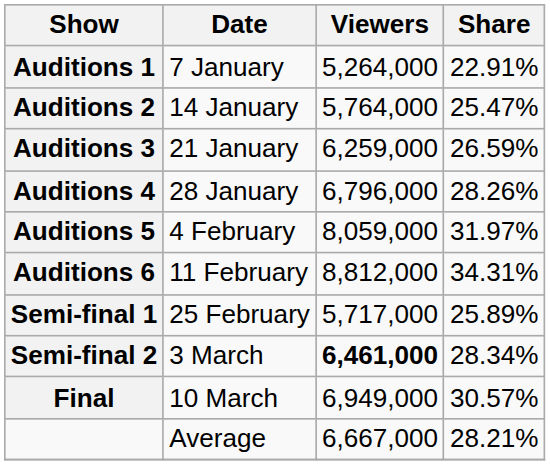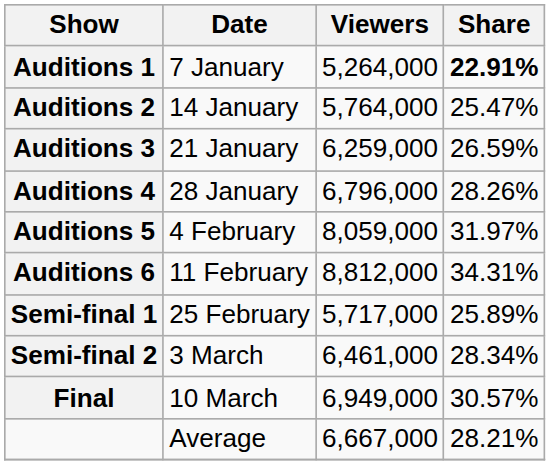 <table class="wikitable">
 <tr>
 <th>Show</th>
 <th>Date</th>
 <th>Viewers</th>
 <th>Share</th>
 </tr>
 <tr>
 <th scope="row">Auditions 1</th>
 <td>7 January</td>
 <td>5,264,000</td>
-<td>22.91%</td>
+<td><strong>22.91%</strong></td>
 </tr>
 <tr>
 <th scope="row">Auditions 2</th>
 <td>14 January</td>
 <td>5,764,000</td>
 <td>25.47%</td>
 </tr>
 <tr>
 <th scope="row">Auditions 3</th>
 <td>21 January</td>
 <td>6,259,000</td>
 <td>26.59%</td>
 </tr>
 <tr>
 <th scope="row">Auditions 4</th>
 <td>28 January</td>
 <td>6,796,000</td>
 <td>28.26%</td>
 </tr>
 <tr>
 <th scope="row">Auditions 5</th>
 <td>4 February</td>
 <td>8,059,000</td>
 <td>31.97%</td>
 </tr>
 <tr>
 <th scope="row">Auditions 6</th>
 <td>11 February</td>
 <td>8,812,000</td>
 <td>34.31%</td>
 </tr>
 <tr>
 <th>Semi-final 1</th>
 <td>25 February</td>
 <td>5,717,000</td>
 <td>25.89%</td>
 </tr>
 <tr>
 <th>Semi-final 2</th>
 <td>3 March</td>
-<td><strong>6,461,000</strong></td>
+<td>6,461,000</td>
 <td>28.34%</td>
 </tr>
 <tr>
 <th>Final</th>
 <td>10 March</td>
 <td>6,949,000</td>
 <td>30.57%</td>
 </tr>
 <tr>
 <td></td>
 <td>Average</td>
 <td>6,667,000</td>
 <td>28.21%</td>
 </tr>
 <tr>
 </tr>
 </table>
